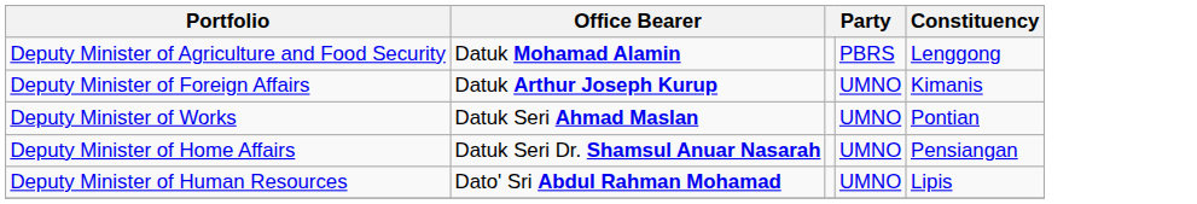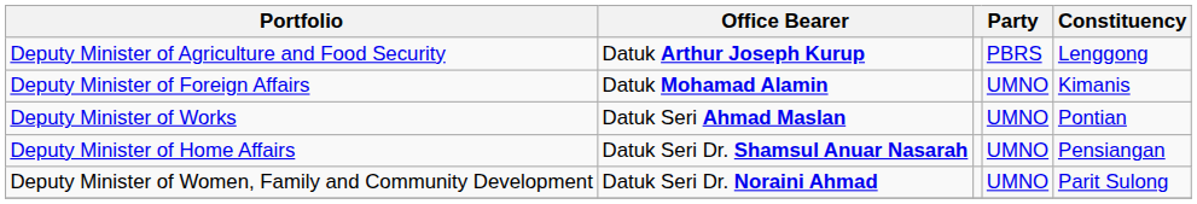 <table class="sortable wikitable">
 <tr>
 <th>Portfolio</th>
 <th>Office Bearer</th>
 <th colspan="2">Party</th>
 <th>Constituency</th>
 </tr>
 <tr>
 <td><a href='#'>Deputy Minister of Agriculture and Food Security</a></td>
-<td>Datuk <strong><a href='#'>Mohamad Alamin</a></strong> </td>
+<td>Datuk <strong><a href='#'>Arthur Joseph Kurup</a></strong> </td>
 <td></td>
 <td><a href='#'>PBRS</a></td>
 <td><a href='#'>Lenggong</a></td>
 </tr>
 <tr>
 <td><a href='#'>Deputy Minister of Foreign Affairs</a></td>
-<td>Datuk <strong><a href='#'>Arthur Joseph Kurup</a></strong> </td>
+<td>Datuk <strong><a href='#'>Mohamad Alamin</a></strong> </td>
 <td></td>
 <td><a href='#'>UMNO</a></td>
 <td><a href='#'>Kimanis</a></td>
 </tr>
 <tr>
 <td><a href='#'>Deputy Minister of Works</a></td>
 <td>Datuk Seri <strong><a href='#'>Ahmad Maslan</a></strong> </td>
 <td></td>
 <td><a href='#'>UMNO</a></td>
 <td><a href='#'>Pontian</a></td>
 </tr>
 <tr>
 <td><a href='#'>Deputy Minister of Home Affairs</a></td>
 <td>Datuk Seri Dr. <strong><a href='#'>Shamsul Anuar Nasarah</a></strong> </td>
 <td></td>
 <td><a href='#'>UMNO</a></td>
 <td><a href='#'>Pensiangan</a></td>
 </tr>
 <tr>
-<td><a href='#'>Deputy Minister of Human Resources</a></td>
-<td>Dato' Sri <strong><a href='#'>Abdul Rahman Mohamad</a></strong> </td>
+<td>Deputy Minister of Women, Family and Community Development</td>
+<td>Datuk Seri Dr. <strong><a href='#'>Noraini Ahmad</a></strong> </td>
 <td></td>
 <td><a href='#'>UMNO</a></td>
-<td><a href='#'>Lipis</a></td>
+<td><a href='#'>Parit Sulong</a></td>
 </tr>
 <tr>
 </tr>
 </table>
